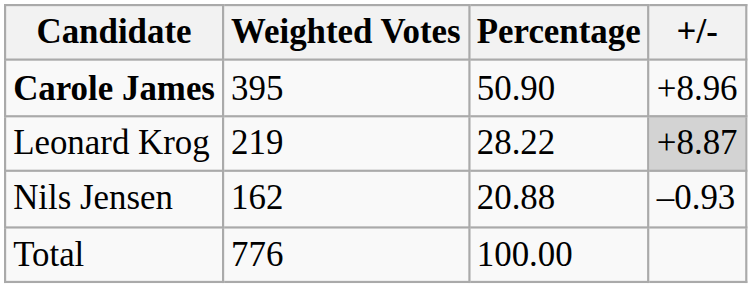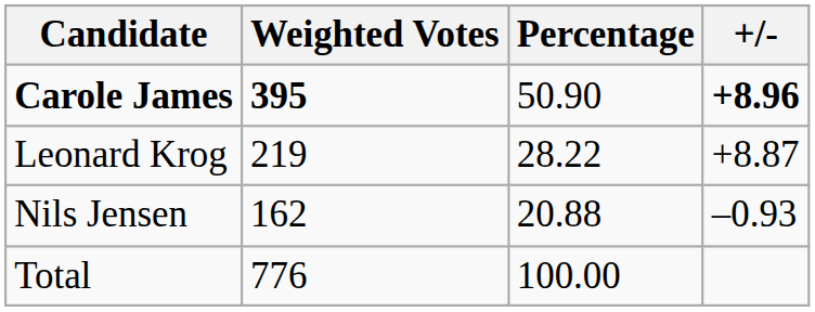 <table class="wikitable">
 <tr>
 <th>Candidate</th>
 <th>Weighted Votes</th>
 <th>Percentage</th>
 <th>+/-</th>
 </tr>
 <tr>
 <td><strong>Carole James</strong></td>
-<td>395</td>
+<td><strong>395</strong></td>
 <td>50.90</td>
-<td>+8.96</td>
+<td><strong>+8.96</strong></td>
 </tr>
 <tr>
 <td>Leonard Krog</td>
 <td>219</td>
 <td>28.22</td>
-<td style="background: lightgrey;">+8.87</td>
+<td>+8.87</td>
 </tr>
 <tr>
 <td>Nils Jensen</td>
 <td>162</td>
 <td>20.88</td>
 <td>–0.93</td>
 </tr>
 <tr>
 <td>Total</td>
 <td>776</td>
 <td>100.00</td>
 </tr>
 </table>
